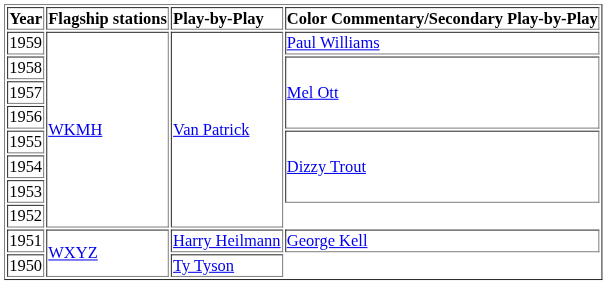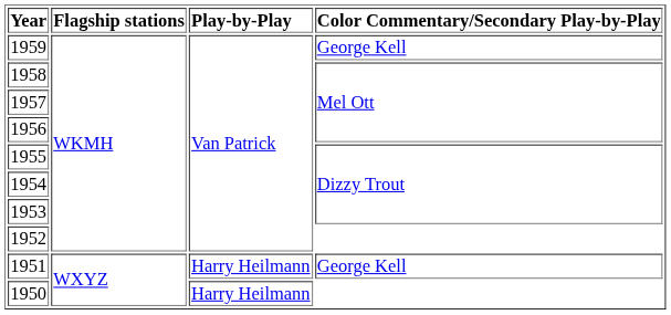 <table border="1" cellpadding="1">
 <tr>
 <td><strong>Year</strong></td>
 <td><strong>Flagship stations</strong></td>
 <td><strong>Play-by-Play</strong></td>
 <td><strong>Color Commentary/Secondary Play-by-Play</strong></td>
 </tr>
 <tr>
 <td>1959</td>
 <td rowspan=8><a href='#'>WKMH</a></td>
 <td rowspan=8><a href='#'>Van Patrick</a></td>
-<td><a href='#'>Paul Williams</a></td>
+<td><a href='#'>George Kell</a></td>
 </tr>
 <tr>
 <td>1958</td>
 <td rowspan=3><a href='#'>Mel Ott</a></td>
 </tr>
 <tr>
 <td>1957</td>
 </tr>
 <tr>
 <td>1956</td>
 </tr>
 <tr>
 <td>1955</td>
 <td rowspan=3><a href='#'>Dizzy Trout</a></td>
 </tr>
 <tr>
 <td>1954</td>
 </tr>
 <tr>
 <td>1953</td>
 </tr>
 <tr>
 <td>1952</td>
 </tr>
 <tr>
 <td>1951</td>
 <td rowspan=2><a href='#'>WXYZ</a></td>
 <td><a href='#'>Harry Heilmann</a></td>
 <td><a href='#'>George Kell</a></td>
 </tr>
 <tr>
 <td>1950</td>
-<td><a href='#'>Ty Tyson</a></td>
+<td><a href='#'>Harry Heilmann</a></td>
 </tr>
 </table>
